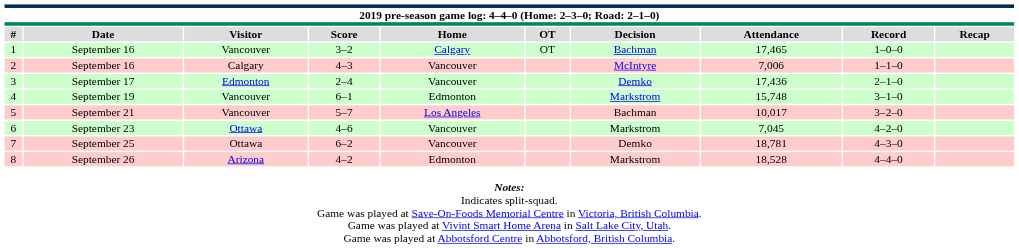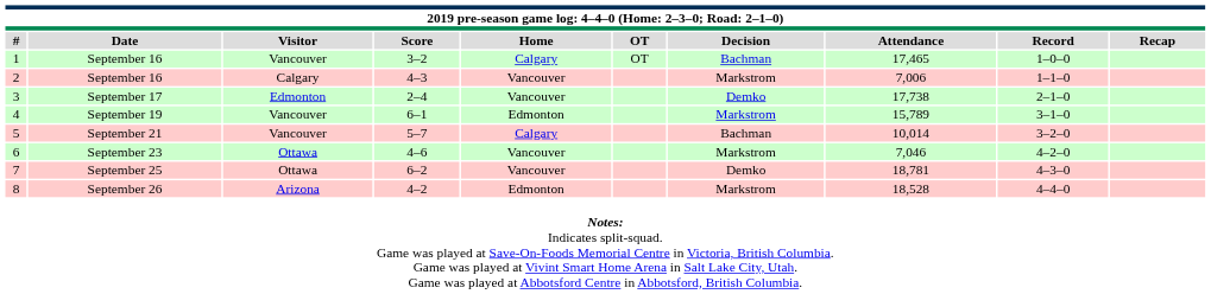 <table class="toccolours collapsible collapsed" style="width:90%; clear:both; margin:1.5em auto; text-align:center;">
 <tr>
 <th colspan="10" style="background:#FFFFFF; border-top:#002D55 5px solid; border-bottom:#008852 5px solid;">2019 pre-season game log: 4–4–0 (Home: 2–3–0; Road: 2–1–0)</th>
 </tr>
 <tr style="background:#ddd;">
 <th>#</th>
 <th>Date</th>
 <th>Visitor</th>
 <th>Score</th>
 <th>Home</th>
 <th>OT</th>
 <th>Decision</th>
 <th>Attendance</th>
 <th>Record</th>
 <th>Recap</th>
 </tr>
 <tr style="background:#cfc;">
 <td>1</td>
 <td>September 16</td>
 <td>Vancouver</td>
 <td>3–2</td>
 <td><a href='#'>Calgary</a></td>
 <td>OT</td>
 <td><a href='#'>Bachman</a></td>
 <td>17,465</td>
 <td>1–0–0</td>
 <td></td>
 </tr>
 <tr style="background:#fcc;">
 <td>2</td>
 <td>September 16</td>
 <td>Calgary</td>
 <td>4–3</td>
 <td>Vancouver</td>
 <td></td>
-<td><a href='#'>McIntyre</a></td>
+<td>Markstrom</td>
 <td>7,006</td>
 <td>1–1–0</td>
 <td></td>
 </tr>
 <tr style="background:#cfc;">
 <td>3</td>
 <td>September 17</td>
 <td><a href='#'>Edmonton</a></td>
 <td>2–4</td>
 <td>Vancouver</td>
 <td></td>
 <td><a href='#'>Demko</a></td>
-<td>17,436</td>
+<td>17,738</td>
 <td>2–1–0</td>
 <td></td>
 </tr>
 <tr style="background:#cfc;">
 <td>4</td>
 <td>September 19</td>
 <td>Vancouver</td>
 <td>6–1</td>
 <td>Edmonton</td>
 <td></td>
 <td><a href='#'>Markstrom</a></td>
-<td>15,748</td>
+<td>15,789</td>
 <td>3–1–0</td>
 <td></td>
 </tr>
 <tr style="background:#fcc;">
 <td>5</td>
 <td>September 21</td>
 <td>Vancouver</td>
 <td>5–7</td>
-<td><a href='#'>Los Angeles</a></td>
+<td><a href='#'>Calgary</a></td>
 <td></td>
 <td>Bachman</td>
-<td>10,017</td>
+<td>10,014</td>
 <td>3–2–0</td>
 <td></td>
 </tr>
 <tr style="background:#cfc;">
 <td>6</td>
 <td>September 23</td>
 <td><a href='#'>Ottawa</a></td>
 <td>4–6</td>
 <td>Vancouver</td>
 <td></td>
 <td>Markstrom</td>
-<td>7,045</td>
+<td>7,046</td>
 <td>4–2–0</td>
 <td></td>
 </tr>
 <tr style="background:#fcc;">
 <td>7</td>
 <td>September 25</td>
 <td>Ottawa</td>
 <td>6–2</td>
 <td>Vancouver</td>
 <td></td>
 <td>Demko</td>
 <td>18,781</td>
 <td>4–3–0</td>
 <td></td>
 </tr>
 <tr style="background:#fcc;">
 <td>8</td>
 <td>September 26</td>
 <td><a href='#'>Arizona</a></td>
 <td>4–2</td>
 <td>Edmonton</td>
 <td></td>
 <td>Markstrom</td>
 <td>18,528</td>
 <td>4–4–0</td>
 <td></td>
 </tr>
 <tr>
 <td colspan="10" style="text-align:center;"><br><strong><em>Notes:</em></strong><br>  Indicates split-squad.<br> Game was played at <a href='#'>Save-On-Foods Memorial Centre</a> in <a href='#'>Victoria, British Columbia</a>.<br> Game was played at <a href='#'>Vivint Smart Home Arena</a> in <a href='#'>Salt Lake City, Utah</a>.<br> Game was played at <a href='#'>Abbotsford Centre</a> in <a href='#'>Abbotsford, British Columbia</a>.</td>
 </tr>
 </table>
